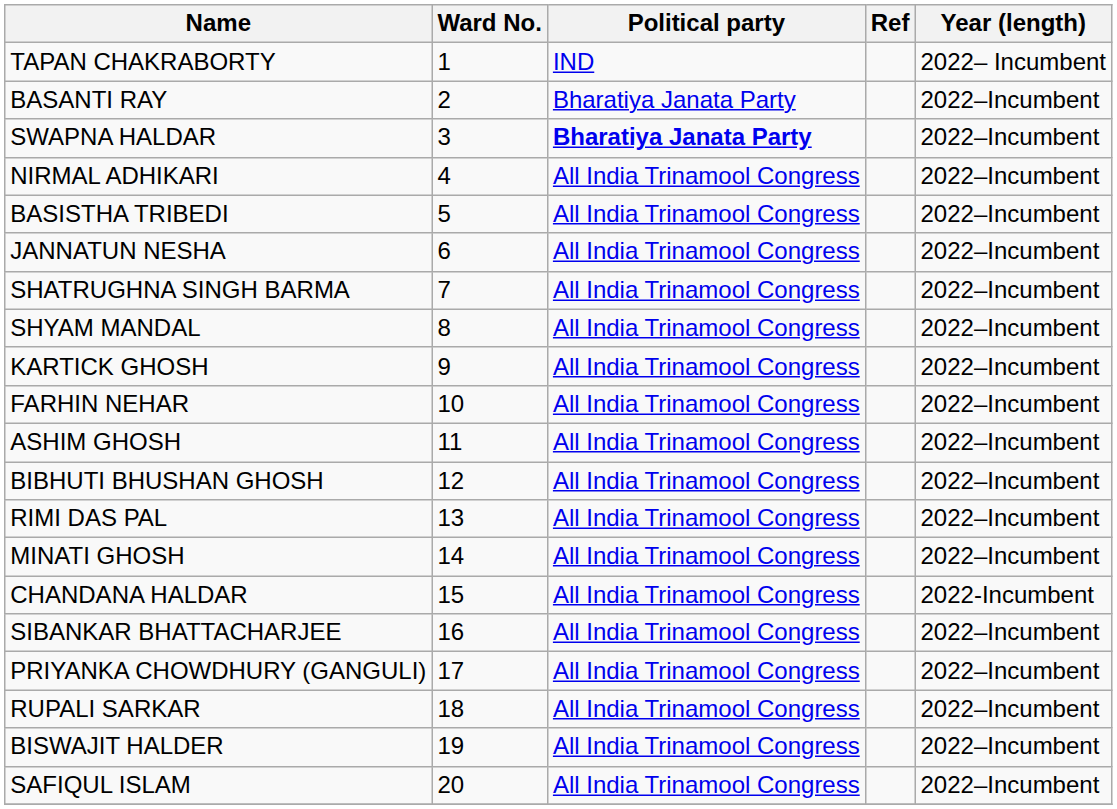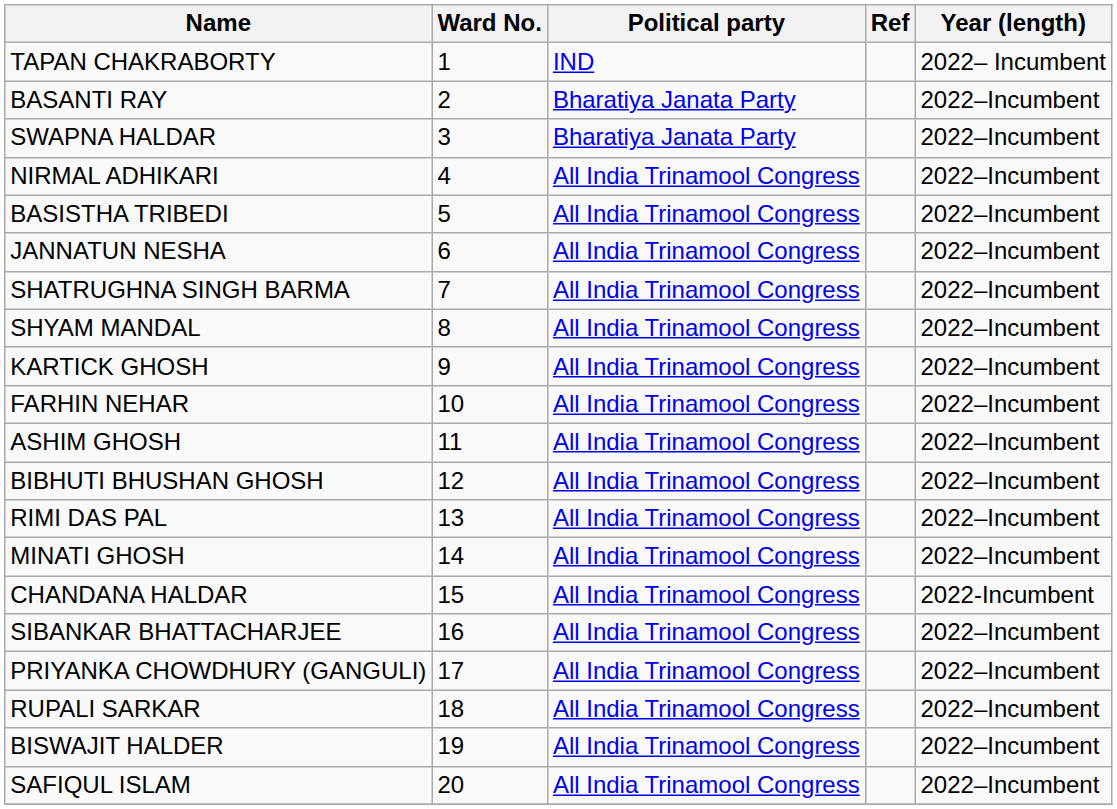 <table class="wikitable">
 <tr>
 <th>Name</th>
 <th>Ward No.</th>
 <th>Political party</th>
 <th scope=col class=unsortable>Ref</th>
 <th>Year (length)</th>
 </tr>
 <tr>
 <td>TAPAN CHAKRABORTY</td>
 <td>1</td>
 <td><a href='#'>IND</a></td>
 <td width="4px"></td>
 <td>2022– Incumbent</td>
 </tr>
 <tr>
 <td>BASANTI RAY</td>
 <td>2</td>
 <td><a href='#'>Bharatiya Janata Party</a></td>
 <td width="4px"></td>
 <td>2022–Incumbent</td>
 </tr>
 <tr>
 <td>SWAPNA HALDAR</td>
 <td>3</td>
-<td><strong><a href='#'>Bharatiya Janata Party</a></strong></td>
+<td><a href='#'>Bharatiya Janata Party</a></td>
 <td width="4px"></td>
 <td>2022–Incumbent</td>
 </tr>
 <tr>
 <td>NIRMAL ADHIKARI</td>
 <td>4</td>
 <td><a href='#'>All India Trinamool Congress</a></td>
 <td width="4px"></td>
 <td>2022–Incumbent</td>
 </tr>
 <tr>
 <td>BASISTHA TRIBEDI</td>
 <td>5</td>
 <td><a href='#'>All India Trinamool Congress</a></td>
 <td width="4px"></td>
 <td>2022–Incumbent</td>
 </tr>
 <tr>
 <td>JANNATUN NESHA</td>
 <td>6</td>
 <td><a href='#'>All India Trinamool Congress</a></td>
 <td width="4px"></td>
 <td>2022–Incumbent</td>
 </tr>
 <tr>
 <td>SHATRUGHNA SINGH BARMA</td>
 <td>7</td>
 <td><a href='#'>All India Trinamool Congress</a></td>
 <td width="4px"></td>
 <td>2022–Incumbent</td>
 </tr>
 <tr>
 <td>SHYAM MANDAL</td>
 <td>8</td>
 <td><a href='#'>All India Trinamool Congress</a></td>
 <td width="4px"></td>
 <td>2022–Incumbent</td>
 </tr>
 <tr>
 <td>KARTICK GHOSH</td>
 <td>9</td>
 <td><a href='#'>All India Trinamool Congress</a></td>
 <td width="4px"></td>
 <td>2022–Incumbent</td>
 </tr>
 <tr>
 <td>FARHIN NEHAR</td>
 <td>10</td>
 <td><a href='#'>All India Trinamool Congress</a></td>
 <td width="4px"></td>
 <td>2022–Incumbent</td>
 </tr>
 <tr>
 <td>ASHIM GHOSH</td>
 <td>11</td>
 <td><a href='#'>All India Trinamool Congress</a></td>
 <td width="4px"></td>
 <td>2022–Incumbent</td>
 </tr>
 <tr>
 <td>BIBHUTI BHUSHAN GHOSH</td>
 <td>12</td>
 <td><a href='#'>All India Trinamool Congress</a></td>
 <td width="4px"></td>
 <td>2022–Incumbent</td>
 </tr>
 <tr>
 <td>RIMI DAS PAL</td>
 <td>13</td>
 <td><a href='#'>All India Trinamool Congress</a></td>
 <td width="4px"></td>
 <td>2022–Incumbent</td>
 </tr>
 <tr>
 <td>MINATI GHOSH</td>
 <td>14</td>
 <td><a href='#'>All India Trinamool Congress</a></td>
 <td width="4px"></td>
 <td>2022–Incumbent</td>
 </tr>
 <tr>
 <td>CHANDANA HALDAR</td>
 <td>15</td>
 <td><a href='#'>All India Trinamool Congress</a></td>
 <td width="4px"></td>
 <td>2022-Incumbent</td>
 </tr>
 <tr>
 <td>SIBANKAR BHATTACHARJEE</td>
 <td>16</td>
 <td><a href='#'>All India Trinamool Congress</a></td>
 <td width="4px"></td>
 <td>2022–Incumbent</td>
 </tr>
 <tr>
 <td>PRIYANKA CHOWDHURY (GANGULI)</td>
 <td>17</td>
 <td><a href='#'>All India Trinamool Congress</a></td>
 <td width="4px"></td>
 <td>2022–Incumbent</td>
 </tr>
 <tr>
 <td>RUPALI SARKAR</td>
 <td>18</td>
 <td><a href='#'>All India Trinamool Congress</a></td>
 <td width="4px"></td>
 <td>2022–Incumbent</td>
 </tr>
 <tr>
 <td>BISWAJIT HALDER</td>
 <td>19</td>
 <td><a href='#'>All India Trinamool Congress</a></td>
 <td width="4px"></td>
 <td>2022–Incumbent</td>
 </tr>
 <tr>
 <td>SAFIQUL ISLAM</td>
 <td>20</td>
 <td><a href='#'>All India Trinamool Congress</a></td>
 <td width="4px"></td>
 <td>2022–Incumbent</td>
 </tr>
 <tr>
 </tr>
 </table>
